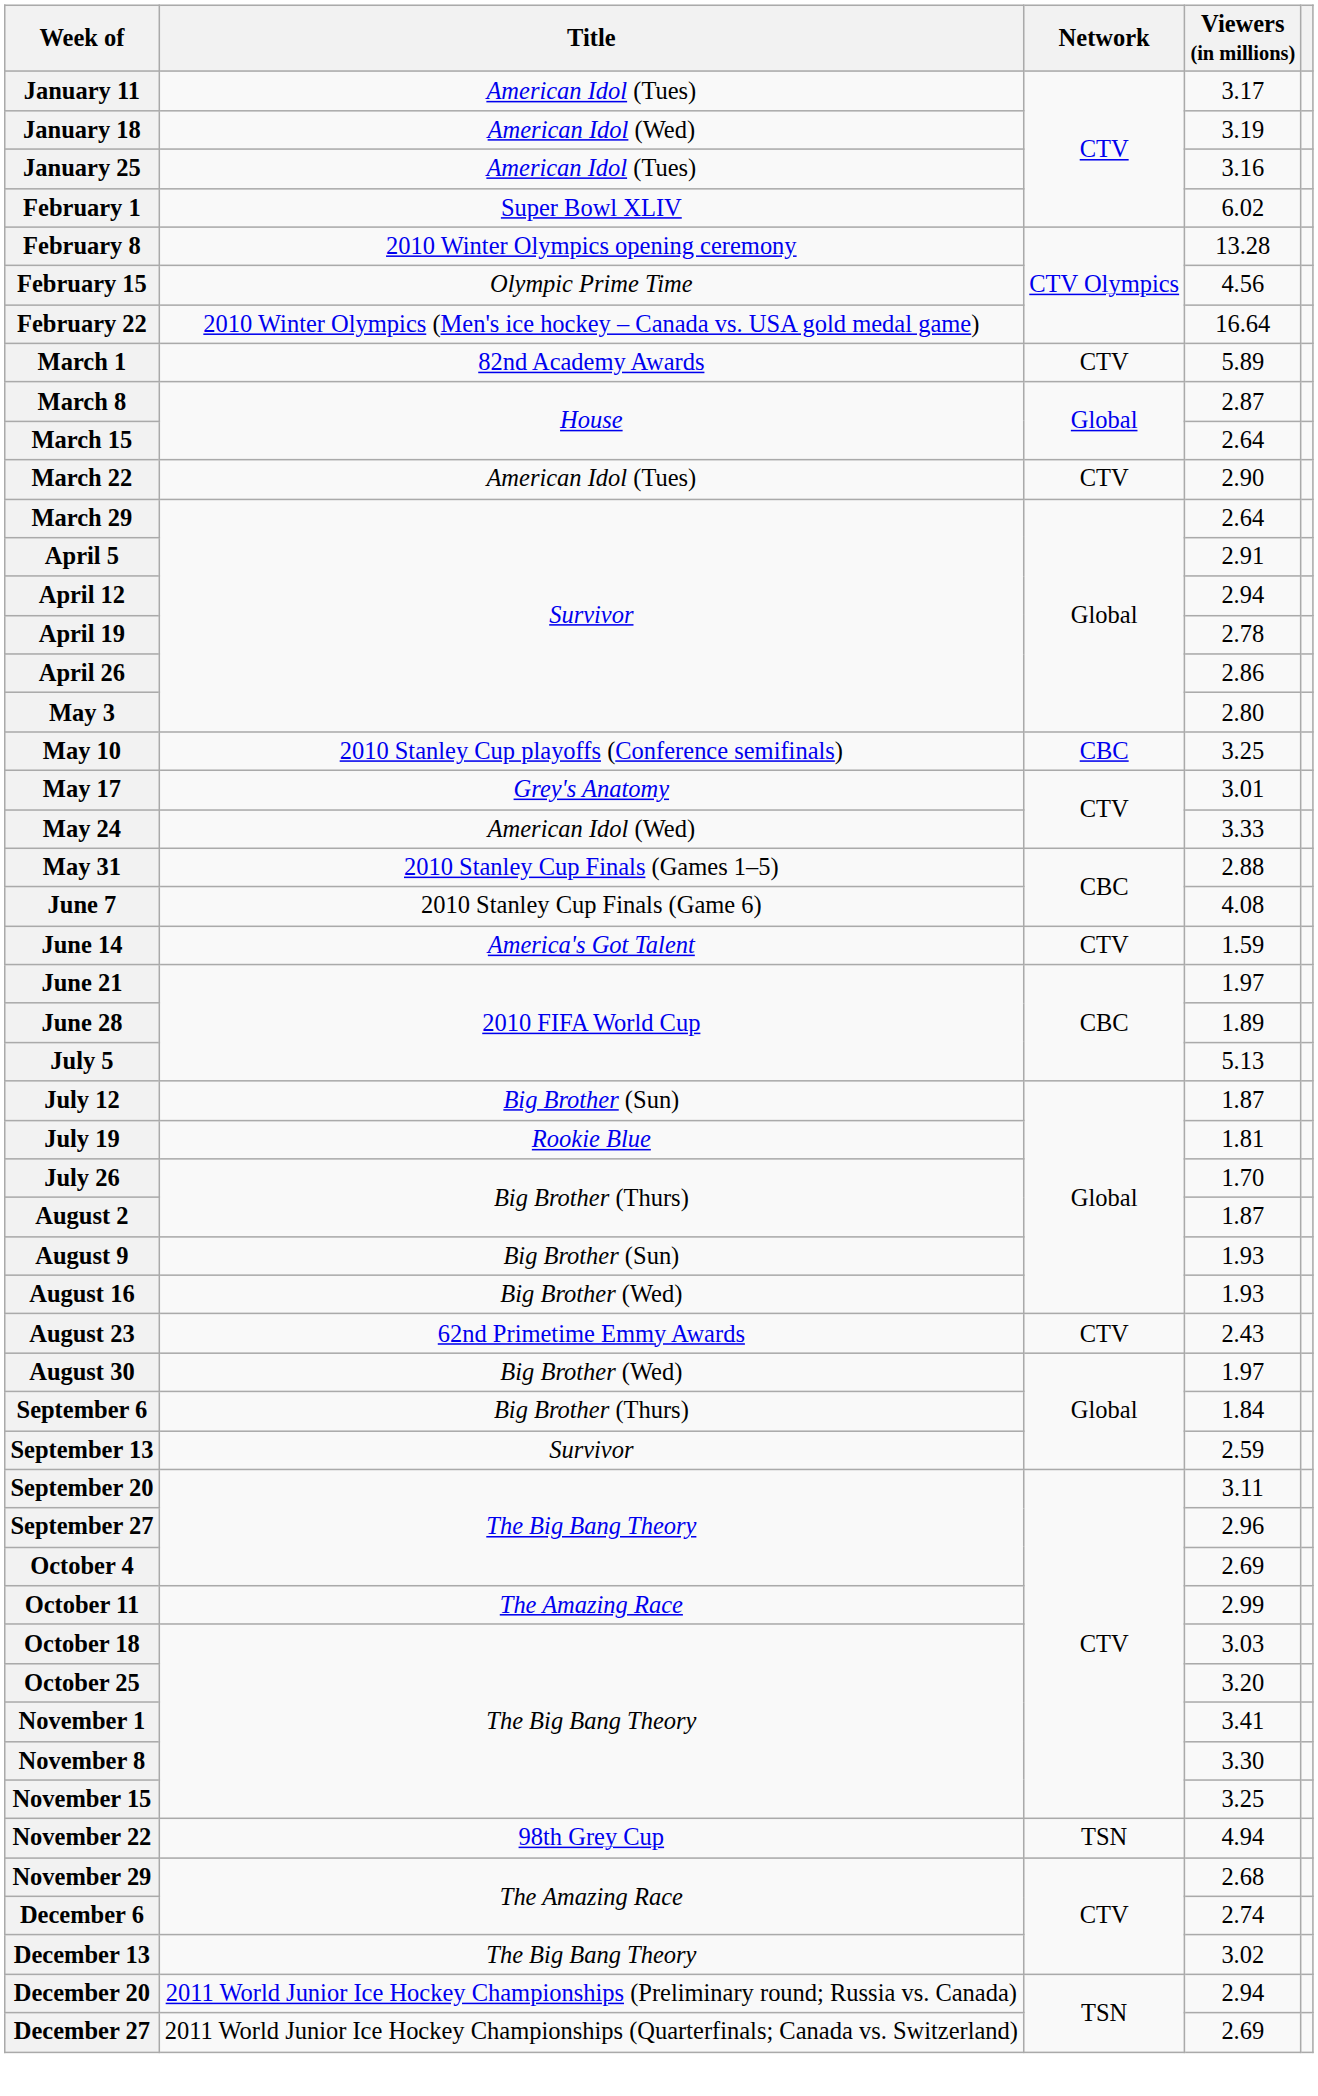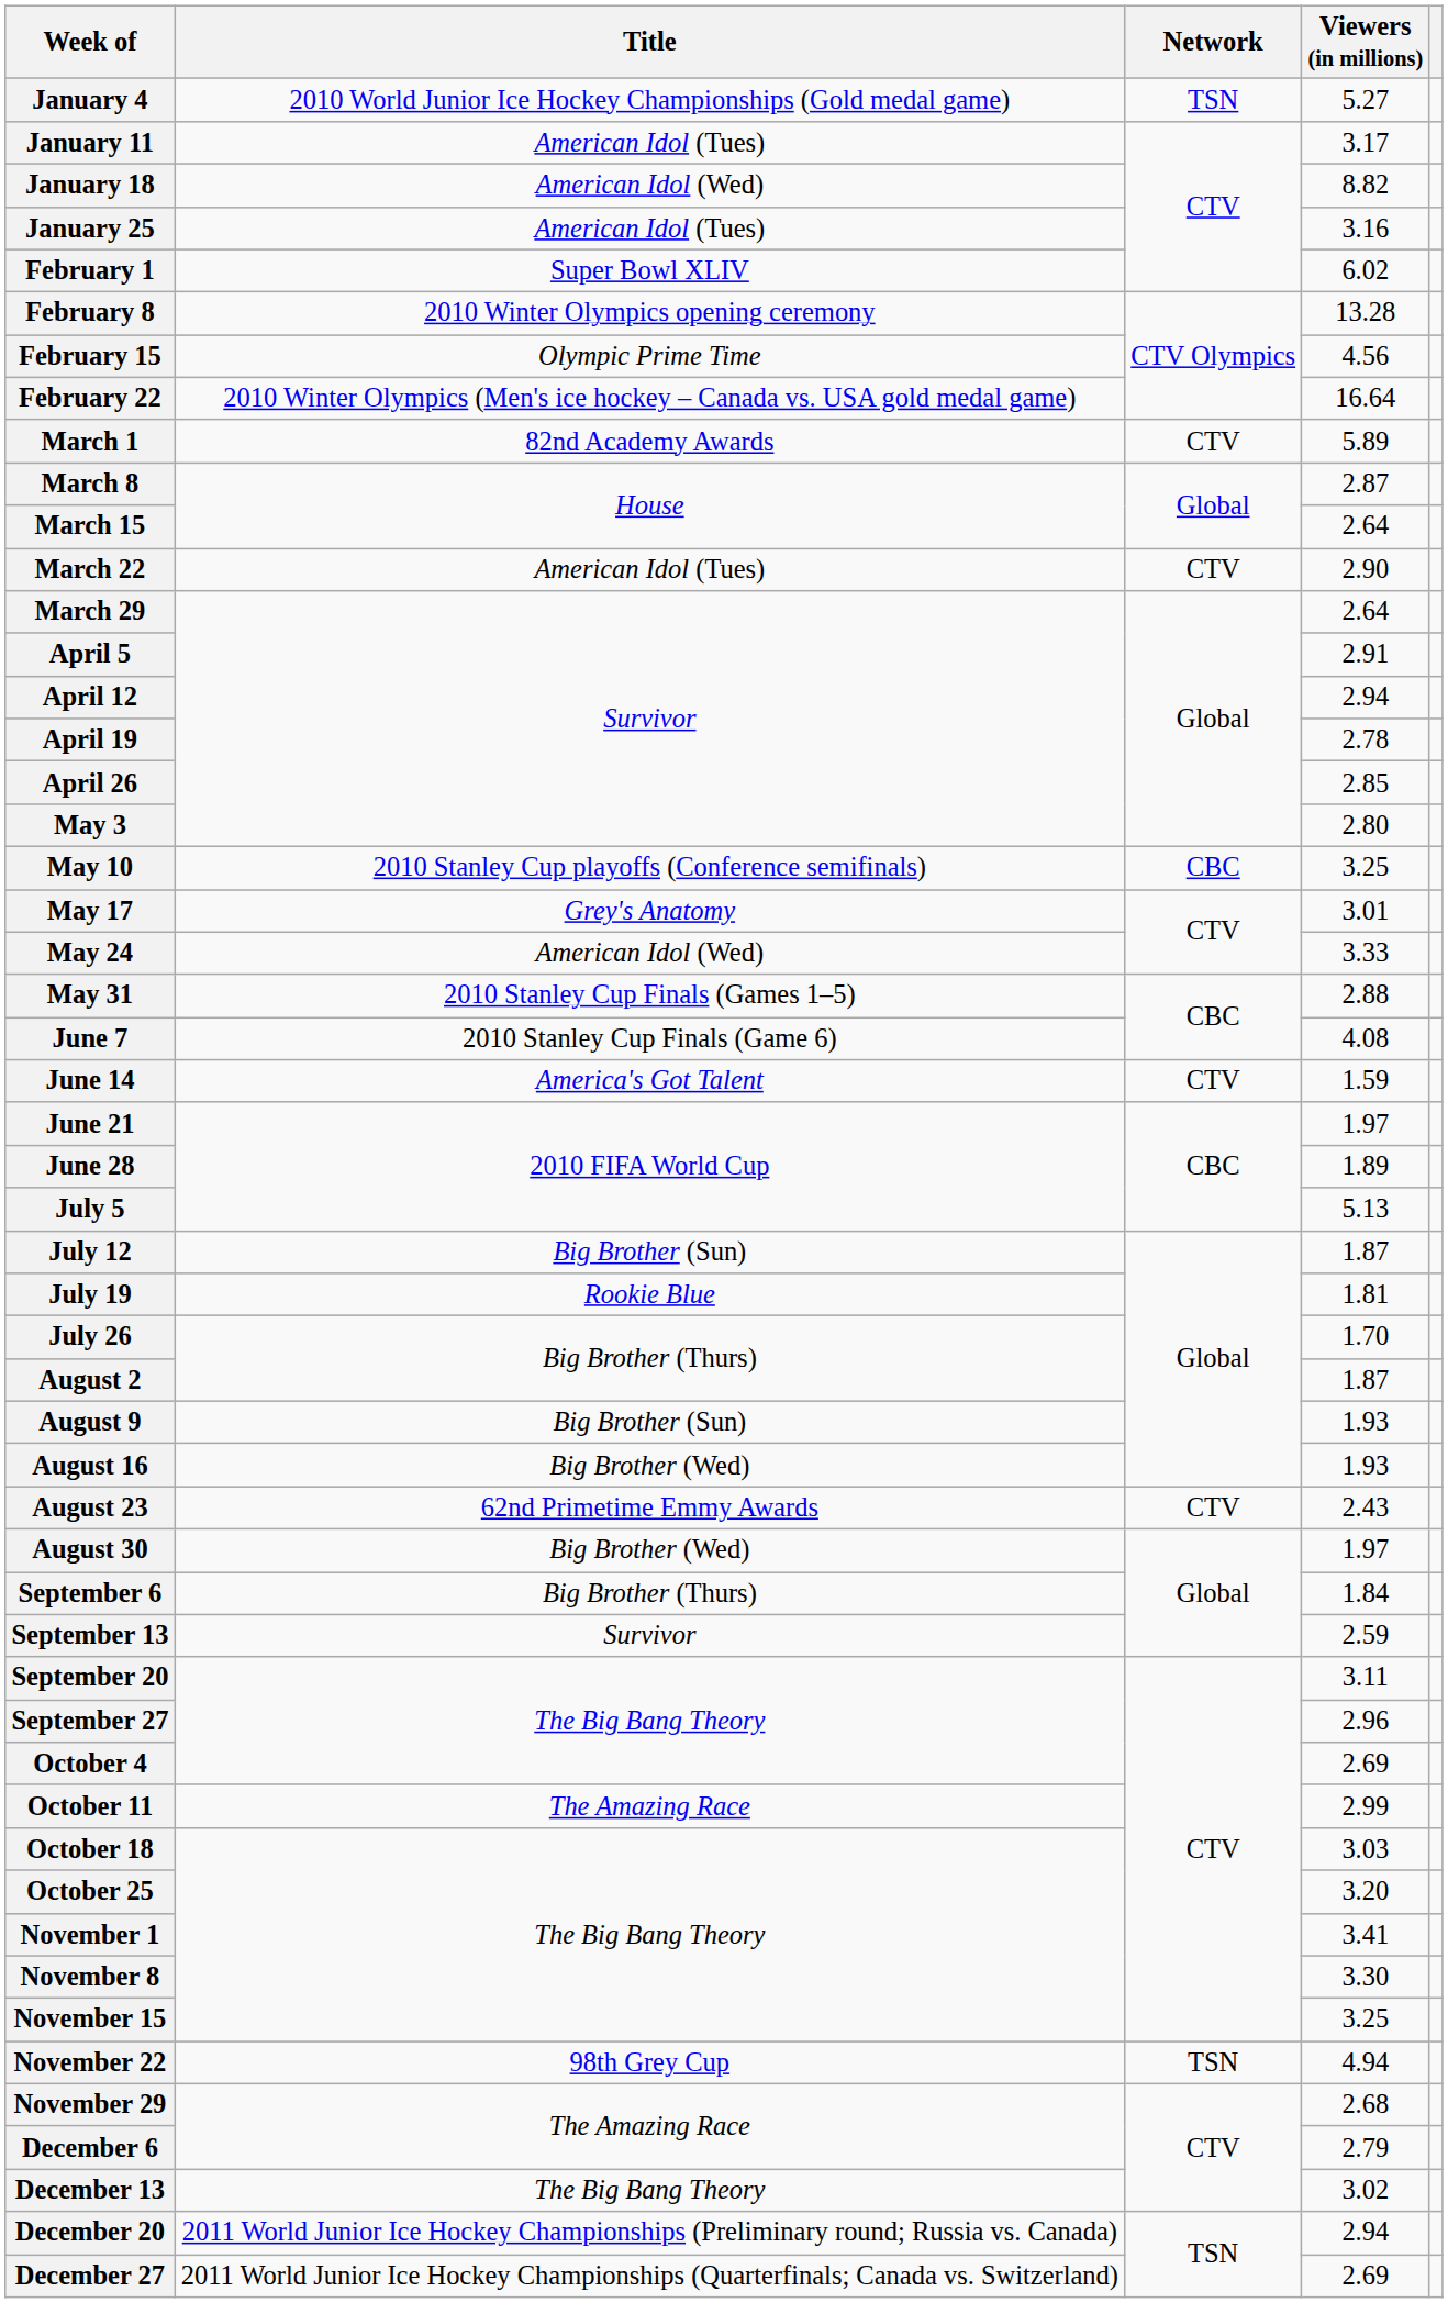 <table class="wikitable plainrowheaders" style="text-align: center; display: inline-table;">
 <tr>
 <th>Week of</th>
 <th>Title</th>
 <th>Network</th>
 <th>Viewers<br><small>(in millions)</small></th>
 <th></th>
+</tr>
+<tr>
+<th scope="row">January 4</th>
+<td><a href='#'>2010 World Junior Ice Hockey Championships</a> (<a href='#'>Gold medal game</a>)</td>
+<td><a href='#'>TSN</a></td>
+<td>5.27</td>
+<td></td>
 </tr>
 <tr>
 <th scope="row">January 11</th>
 <td><em><a href='#'>American Idol</a></em> (Tues)</td>
 <td rowspan="4"><a href='#'>CTV</a></td>
 <td>3.17</td>
 <td></td>
 </tr>
 <tr>
 <th scope="row">January 18</th>
 <td><em><a href='#'>American Idol</a></em> (Wed)</td>
-<td>3.19</td>
+<td>8.82</td>
 <td></td>
 </tr>
 <tr>
 <th scope="row">January 25</th>
 <td><em><a href='#'>American Idol</a></em> (Tues)</td>
 <td>3.16</td>
 <td></td>
 </tr>
 <tr>
 <th scope="row">February 1</th>
 <td><a href='#'>Super Bowl XLIV</a></td>
 <td>6.02</td>
 <td></td>
 </tr>
 <tr>
 <th scope="row">February 8</th>
 <td><a href='#'>2010 Winter Olympics opening ceremony</a></td>
 <td rowspan="3"><a href='#'>CTV Olympics</a></td>
 <td>13.28</td>
 <td></td>
 </tr>
 <tr>
 <th scope="row">February 15</th>
 <td><em>Olympic Prime Time</em></td>
 <td>4.56</td>
 <td></td>
 </tr>
 <tr>
 <th scope="row">February 22</th>
 <td><a href='#'>2010 Winter Olympics</a> (<a href='#'>Men's ice hockey – Canada vs. USA gold medal game</a>)</td>
 <td>16.64</td>
 <td></td>
 </tr>
 <tr>
 <th scope="row">March 1</th>
 <td><a href='#'>82nd Academy Awards</a></td>
 <td>CTV</td>
 <td>5.89</td>
 <td></td>
 </tr>
 <tr>
 <th scope="row">March 8</th>
 <td rowspan="2"><em><a href='#'>House</a></em></td>
 <td rowspan="2"><a href='#'>Global</a></td>
 <td>2.87</td>
 <td></td>
 </tr>
 <tr>
 <th scope="row">March 15</th>
 <td>2.64</td>
 <td></td>
 </tr>
 <tr>
 <th scope="row">March 22</th>
 <td><em>American Idol</em> (Tues)</td>
 <td>CTV</td>
 <td>2.90</td>
 <td></td>
 </tr>
 <tr>
 <th scope="row">March 29</th>
 <td rowspan="6"><em><a href='#'>Survivor</a></em></td>
 <td rowspan="6">Global</td>
 <td>2.64</td>
 <td></td>
 </tr>
 <tr>
 <th scope="row">April 5</th>
 <td>2.91</td>
 <td></td>
 </tr>
 <tr>
 <th scope="row">April 12</th>
 <td>2.94</td>
 <td></td>
 </tr>
 <tr>
 <th scope="row">April 19</th>
 <td>2.78</td>
 <td></td>
 </tr>
 <tr>
 <th scope="row">April 26</th>
-<td>2.86</td>
+<td>2.85</td>
 <td></td>
 </tr>
 <tr>
 <th scope="row">May 3</th>
 <td>2.80</td>
 <td></td>
 </tr>
 <tr>
 <th scope="row">May 10</th>
 <td><a href='#'>2010 Stanley Cup playoffs</a> (<a href='#'>Conference semifinals</a>)</td>
 <td><a href='#'>CBC</a></td>
 <td>3.25</td>
 <td></td>
 </tr>
 <tr>
 <th scope="row">May 17</th>
 <td><em><a href='#'>Grey's Anatomy</a></em></td>
 <td rowspan="2">CTV</td>
 <td>3.01</td>
 <td></td>
 </tr>
 <tr>
 <th scope="row">May 24</th>
 <td><em>American Idol</em> (Wed)</td>
 <td>3.33</td>
 <td></td>
 </tr>
 <tr>
 <th scope="row">May 31</th>
 <td><a href='#'>2010 Stanley Cup Finals</a> (Games 1–5)</td>
 <td rowspan="2">CBC</td>
 <td>2.88</td>
 <td></td>
 </tr>
 <tr>
 <th scope="row">June 7</th>
 <td>2010 Stanley Cup Finals (Game 6)</td>
 <td>4.08</td>
 <td></td>
 </tr>
 <tr>
 <th scope="row">June 14</th>
 <td><em><a href='#'>America's Got Talent</a></em></td>
 <td>CTV</td>
 <td>1.59</td>
 <td></td>
 </tr>
 <tr>
 <th scope="row">June 21</th>
 <td rowspan="3"><a href='#'>2010 FIFA World Cup</a></td>
 <td rowspan="3">CBC</td>
 <td>1.97</td>
 <td></td>
 </tr>
 <tr>
 <th scope="row">June 28</th>
 <td>1.89</td>
 <td></td>
 </tr>
 <tr>
 <th scope="row">July 5</th>
 <td>5.13</td>
 <td></td>
 </tr>
 <tr>
 <th scope="row">July 12</th>
 <td><em><a href='#'>Big Brother</a></em> (Sun)</td>
 <td rowspan="6">Global</td>
 <td>1.87</td>
 <td></td>
 </tr>
 <tr>
 <th scope="row">July 19</th>
 <td><em><a href='#'>Rookie Blue</a></em></td>
 <td>1.81</td>
 <td></td>
 </tr>
 <tr>
 <th scope="row">July 26</th>
 <td rowspan="2"><em>Big Brother</em> (Thurs)</td>
 <td>1.70</td>
 <td></td>
 </tr>
 <tr>
 <th scope="row">August 2</th>
 <td>1.87</td>
 <td></td>
 </tr>
 <tr>
 <th scope="row">August 9</th>
 <td><em>Big Brother</em> (Sun)</td>
 <td>1.93</td>
 <td></td>
 </tr>
 <tr>
 <th scope="row">August 16</th>
 <td><em>Big Brother</em> (Wed)</td>
 <td>1.93</td>
 <td></td>
 </tr>
 <tr>
 <th scope="row">August 23</th>
 <td><a href='#'>62nd Primetime Emmy Awards</a></td>
 <td>CTV</td>
 <td>2.43</td>
 <td></td>
 </tr>
 <tr>
 <th scope="row">August 30</th>
 <td><em>Big Brother</em> (Wed)</td>
 <td rowspan="3">Global</td>
 <td>1.97</td>
 <td></td>
 </tr>
 <tr>
 <th scope="row">September 6</th>
 <td><em>Big Brother</em> (Thurs)</td>
 <td>1.84</td>
 <td></td>
 </tr>
 <tr>
 <th scope="row">September 13</th>
 <td><em>Survivor</em></td>
 <td>2.59</td>
 <td></td>
 </tr>
 <tr>
 <th scope="row">September 20</th>
 <td rowspan="3"><em><a href='#'>The Big Bang Theory</a></em></td>
 <td rowspan="9">CTV</td>
 <td>3.11</td>
 <td></td>
 </tr>
 <tr>
 <th scope="row">September 27</th>
 <td>2.96</td>
 <td></td>
 </tr>
 <tr>
 <th scope="row">October 4</th>
 <td>2.69</td>
 <td></td>
 </tr>
 <tr>
 <th scope="row">October 11</th>
 <td><em><a href='#'>The Amazing Race</a></em></td>
 <td>2.99</td>
 <td></td>
 </tr>
 <tr>
 <th scope="row">October 18</th>
 <td rowspan="5"><em>The Big Bang Theory</em></td>
 <td>3.03</td>
 <td></td>
 </tr>
 <tr>
 <th scope="row">October 25</th>
 <td>3.20</td>
 <td></td>
 </tr>
 <tr>
 <th scope="row">November 1</th>
 <td>3.41</td>
 <td></td>
 </tr>
 <tr>
 <th scope="row">November 8</th>
 <td>3.30</td>
 <td></td>
 </tr>
 <tr>
 <th scope="row">November 15</th>
 <td>3.25</td>
 <td></td>
 </tr>
 <tr>
 <th scope="row">November 22</th>
 <td><a href='#'>98th Grey Cup</a></td>
 <td>TSN</td>
 <td>4.94</td>
 <td></td>
 </tr>
 <tr>
 <th scope="row">November 29</th>
 <td rowspan="2"><em>The Amazing Race</em></td>
 <td rowspan="3">CTV</td>
 <td>2.68</td>
 <td></td>
 </tr>
 <tr>
 <th scope="row">December 6</th>
-<td>2.74</td>
+<td>2.79</td>
 <td></td>
 </tr>
 <tr>
 <th scope="row">December 13</th>
 <td><em>The Big Bang Theory</em></td>
 <td>3.02</td>
 <td></td>
 </tr>
 <tr>
 <th scope="row">December 20</th>
 <td><a href='#'>2011 World Junior Ice Hockey Championships</a> (Preliminary round; Russia vs. Canada)</td>
 <td rowspan="2">TSN</td>
 <td>2.94</td>
 <td></td>
 </tr>
 <tr>
 <th scope="row">December 27</th>
 <td>2011 World Junior Ice Hockey Championships (Quarterfinals; Canada vs. Switzerland)</td>
 <td>2.69</td>
 <td></td>
 </tr>
 </table>
